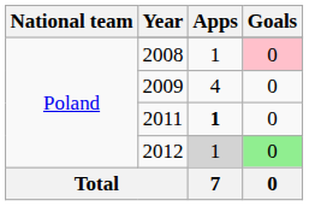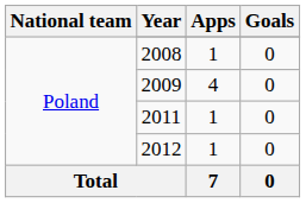 <table class="wikitable" style="text-align:center">
 <tr>
 <th>National team</th>
 <th>Year</th>
 <th>Apps</th>
 <th>Goals</th>
 </tr>
 <tr>
 <td rowspan="5"><a href='#'>Poland</a></td>
 </tr>
 <tr>
 <td>2008</td>
 <td>1</td>
-<td style="background: pink;">0</td>
+<td>0</td>
 </tr>
 <tr>
 <td>2009</td>
 <td>4</td>
 <td>0</td>
 </tr>
 <tr>
 <td>2011</td>
-<td><strong>1</strong></td>
+<td>1</td>
 <td>0</td>
 </tr>
 <tr>
 <td>2012</td>
-<td style="background: lightgrey;">1</td>
-<td style="background: lightgreen;">0</td>
+<td>1</td>
+<td>0</td>
 </tr>
 <tr>
 <th colspan="2">Total</th>
 <th>7</th>
 <th>0</th>
 </tr>
 </table>
